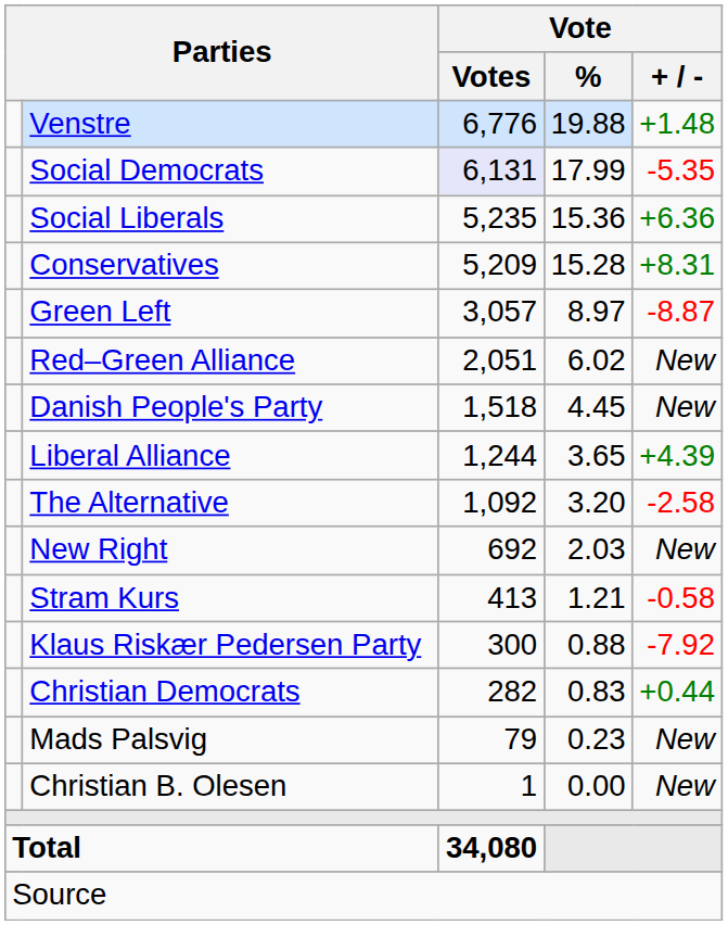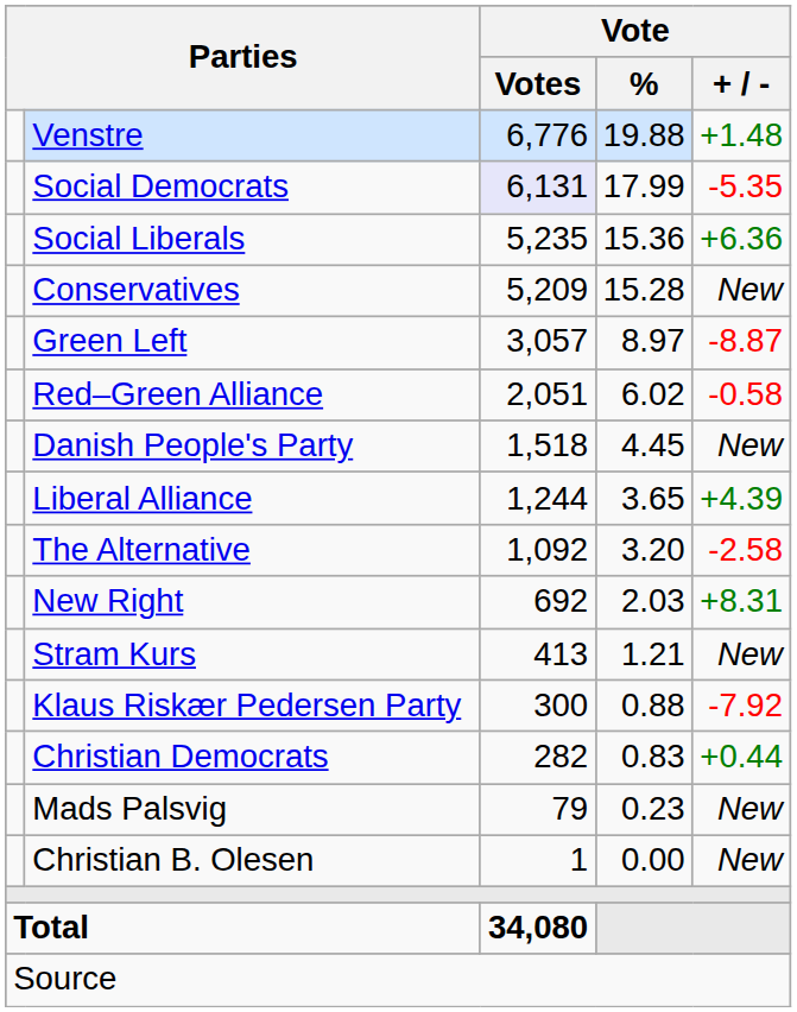 <table class="wikitable" style="text-align:right;">
 <tr>
 <th style="text-align:centre;" rowspan="2" colspan="2" width="225">Parties</th>
 <th colspan="3">Vote</th>
 </tr>
 <tr>
 <th width="15">Votes</th>
 <th width="15">%</th>
 <th width="15">+ / -</th>
 </tr>
 <tr>
 <td width="2" style="color:inherit;background:"></td>
 <td bgcolor=#cfe5fe  align="left"><a href='#'>Venstre</a></td>
 <td bgcolor=#cfe5fe>6,776</td>
 <td bgcolor=#cfe5fe>19.88</td>
 <td style=color:green;>+1.48</td>
 </tr>
 <tr>
 <td width="2" style="color:inherit;background:"></td>
 <td align="left"><a href='#'>Social Democrats</a></td>
 <td style="background: lavender;">6,131</td>
 <td>17.99</td>
 <td style=color:red;>-5.35</td>
 </tr>
 <tr>
 <td width="2" style="color:inherit;background:"></td>
 <td align="left"><a href='#'>Social Liberals</a></td>
 <td>5,235</td>
 <td>15.36</td>
 <td style=color:green;>+6.36</td>
 </tr>
 <tr>
 <td width="2" style="color:inherit;background:"></td>
 <td align="left"><a href='#'>Conservatives</a></td>
 <td>5,209</td>
 <td>15.28</td>
-<td style=color:green;>+8.31</td>
+<td><em>New</em></td>
 </tr>
 <tr>
 <td width="2" style="color:inherit;background:"></td>
 <td align="left"><a href='#'>Green Left</a></td>
 <td>3,057</td>
 <td>8.97</td>
 <td style=color:red;>-8.87</td>
 </tr>
 <tr>
 <td width="2" style="color:inherit;background:"></td>
 <td align="left"><a href='#'>Red–Green Alliance</a></td>
 <td>2,051</td>
 <td>6.02</td>
-<td><em>New</em></td>
+<td style=color:red;>-0.58</td>
 </tr>
 <tr>
 <td width="2" style="color:inherit;background:"></td>
 <td align="left"><a href='#'>Danish People's Party</a></td>
 <td>1,518</td>
 <td>4.45</td>
 <td><em>New</em></td>
 </tr>
 <tr>
 <td width="2" style="color:inherit;background:"></td>
 <td align="left"><a href='#'>Liberal Alliance</a></td>
 <td>1,244</td>
 <td>3.65</td>
 <td style=color:green;>+4.39</td>
 </tr>
 <tr>
 <td width="2" style="color:inherit;background:"></td>
 <td align="left"><a href='#'>The Alternative</a></td>
 <td>1,092</td>
 <td>3.20</td>
 <td style=color:red;>-2.58</td>
 </tr>
 <tr>
 <td width="2" style="color:inherit;background:"></td>
 <td align="left"><a href='#'>New Right</a></td>
 <td>692</td>
 <td>2.03</td>
-<td><em>New</em></td>
+<td style=color:green;>+8.31</td>
 </tr>
 <tr>
 <td width="2" style="color:inherit;background:"></td>
 <td align="left"><a href='#'>Stram Kurs</a></td>
 <td>413</td>
 <td>1.21</td>
-<td style=color:red;>-0.58</td>
+<td><em>New</em></td>
 </tr>
 <tr>
 <td width="2" style="color:inherit;background:"></td>
 <td align="left"><a href='#'>Klaus Riskær Pedersen Party</a></td>
 <td>300</td>
 <td>0.88</td>
 <td style=color:red;>-7.92</td>
 </tr>
 <tr>
 <td width="2" style="color:inherit;background:"></td>
 <td align="left"><a href='#'>Christian Democrats</a></td>
 <td>282</td>
 <td>0.83</td>
 <td style=color:green;>+0.44</td>
 </tr>
 <tr>
 <td width="2" style="color:inherit;background:"></td>
 <td align="left">Mads Palsvig</td>
 <td>79</td>
 <td>0.23</td>
 <td><em>New</em></td>
 </tr>
 <tr>
 <td width="2" style="color:inherit;background:"></td>
 <td align="left">Christian B. Olesen</td>
 <td>1</td>
 <td>0.00</td>
 <td><em>New</em></td>
 </tr>
 <tr>
 <td colspan="7" bgcolor="#E9E9E9"></td>
 </tr>
 <tr>
 <td align="left" colspan="2"><strong>Total</strong></td>
 <td><strong>34,080</strong></td>
 <td bgcolor="#E9E9E9" colspan="2"></td>
 </tr>
 <tr>
 <td align="left" colspan="6">Source</td>
 </tr>
 </table>
